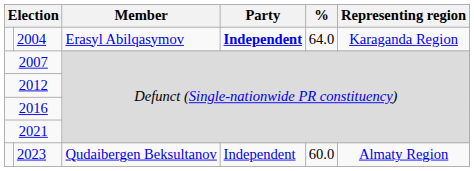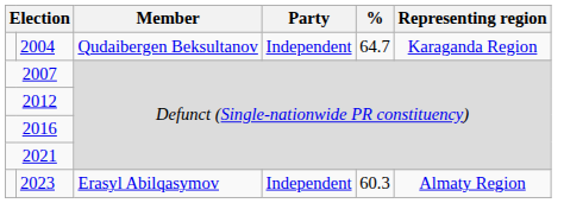 <table class="wikitable">
 <tr>
 <th colspan="2">Election</th>
 <th>Member</th>
 <th>Party</th>
 <th>%</th>
 <th>Representing region</th>
 </tr>
 <tr>
 <td style="background-color: "></td>
 <td><a href='#'>2004</a></td>
-<td><a href='#'>Erasyl Abilqasymov</a></td>
-<td><strong><a href='#'>Independent</a></strong></td>
-<td align="right">64.0</td>
+<td><a href='#'>Qudaibergen Beksultanov</a></td>
+<td><a href='#'>Independent</a></td>
+<td align="right">64.7</td>
 <td align="center"><a href='#'>Karaganda Region</a></td>
 </tr>
 <tr>
 <td colspan="2" align="center"><a href='#'>2007</a></td>
 <td colspan="4" rowspan="4" align="center" style="background-color:#DCDCDC"><em>Defunct (<a href='#'>Single-nationwide PR constituency</a>)</em></td>
 </tr>
 <tr>
 <td colspan="2" align="center"><a href='#'>2012</a></td>
 </tr>
 <tr>
 <td colspan="2" align="center"><a href='#'>2016</a></td>
 </tr>
 <tr>
 <td colspan="2" align="center"><a href='#'>2021</a></td>
 </tr>
 <tr>
 <td style="background-color: "></td>
 <td><a href='#'>2023</a></td>
-<td><a href='#'>Qudaibergen Beksultanov</a></td>
+<td><a href='#'>Erasyl Abilqasymov</a></td>
 <td><a href='#'>Independent</a></td>
-<td align="right">60.0</td>
+<td align="right">60.3</td>
 <td align="center"><a href='#'>Almaty Region</a></td>
 </tr>
 </table>
